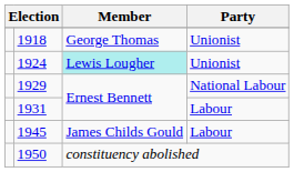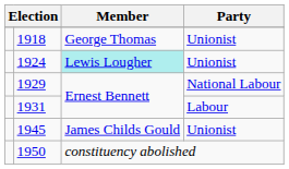 <table class="wikitable">
 <tr>
 <th colspan="2">Election</th>
 <th>Member</th>
 <th>Party</th>
 </tr>
 <tr>
 </tr>
 <tr>
 <td style="color:inherit;background-color: "></td>
 <td><a href='#'>1918</a></td>
 <td><a href='#'>George Thomas</a></td>
 <td><a href='#'>Unionist</a></td>
 </tr>
 <tr>
 <td style="color:inherit;background-color: "></td>
 <td><a href='#'>1924</a></td>
 <td style="background: paleturquoise;"><a href='#'>Lewis Lougher</a></td>
 <td><a href='#'>Unionist</a></td>
 </tr>
 <tr>
 <td style="color:inherit;background-color: "></td>
 <td><a href='#'>1929</a></td>
 <td rowspan="2"><a href='#'>Ernest Bennett</a></td>
 <td><a href='#'>National Labour</a></td>
 </tr>
 <tr>
 <td style="color:inherit;background-color: "></td>
 <td><a href='#'>1931</a></td>
 <td><a href='#'>Labour</a></td>
 </tr>
 <tr>
 <td style="color:inherit;background-color: "></td>
 <td><a href='#'>1945</a></td>
 <td><a href='#'>James Childs Gould</a></td>
-<td><a href='#'>Labour</a></td>
+<td><a href='#'>Unionist</a></td>
 </tr>
 <tr>
 <td></td>
 <td><a href='#'>1950</a></td>
 <td colspan="2"><em>constituency abolished</em></td>
 </tr>
 </table>
